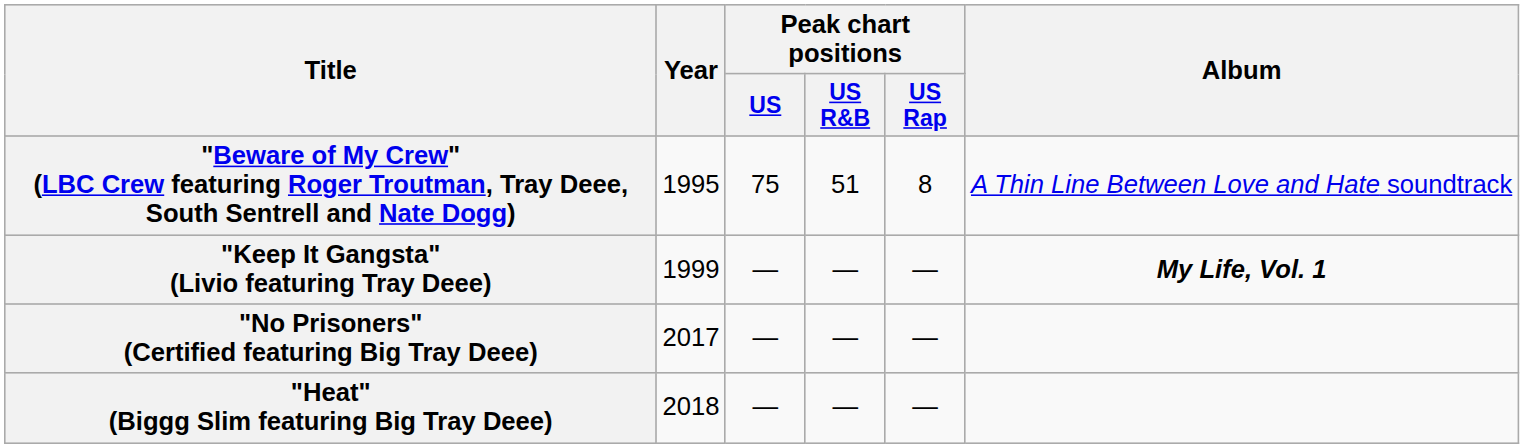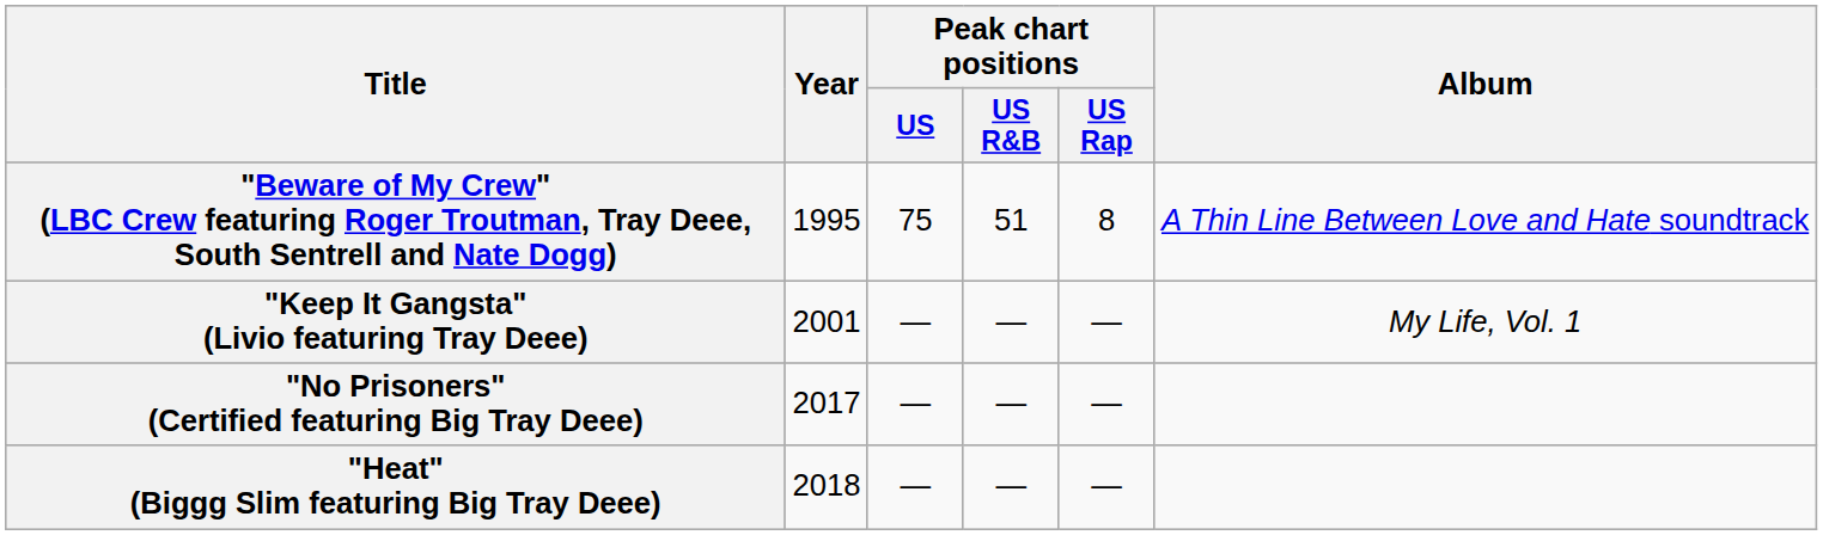 <table class="wikitable plainrowheaders" style="text-align:center;">
 <tr>
 <th scope="col" rowspan="2" style="width:25em;">Title</th>
 <th scope="col" rowspan="2" style="width:2em;">Year</th>
 <th scope="col" colspan="3">Peak chart positions</th>
 <th scope="col" rowspan="2">Album</th>
 </tr>
 <tr>
 <th scope="col" style="width:3em;font-size:90%;"><a href='#'>US</a></th>
 <th scope="col" style="width:3em;font-size:90%;"><a href='#'>US R&B</a></th>
 <th scope="col" style="width:3em;font-size:90%;"><a href='#'>US Rap</a></th>
 </tr>
 <tr>
 <th scope="row">"<a href='#'>Beware of My Crew</a>"<br><span>(<a href='#'>LBC Crew</a> featuring <a href='#'>Roger Troutman</a>, Tray Deee, South Sentrell and <a href='#'>Nate Dogg</a>)</span></th>
 <td>1995</td>
 <td>75</td>
 <td>51</td>
 <td>8</td>
 <td><a href='#'><em>A Thin Line Between Love and Hate</em> soundtrack</a></td>
 </tr>
 <tr>
 <th scope="row">"Keep It Gangsta"<br><span>(Livio featuring Tray Deee)</span></th>
-<td>1999</td>
+<td>2001</td>
 <td>—</td>
 <td>—</td>
 <td>—</td>
-<td><strong><em>My Life, Vol. 1</em></strong></td>
+<td><em>My Life, Vol. 1</em></td>
 </tr>
 <tr>
 <th scope="row"> "No Prisoners"<br><span>(Certified featuring Big Tray Deee)</span></th>
 <td>2017</td>
 <td>—</td>
 <td>—</td>
 <td>—</td>
 <td></td>
 </tr>
 <tr>
 <th scope="row"> "Heat"<br><span>(Biggg Slim featuring Big Tray Deee)</span></th>
 <td>2018</td>
 <td>—</td>
 <td>—</td>
 <td>—</td>
 <td></td>
 </tr>
 </table>
